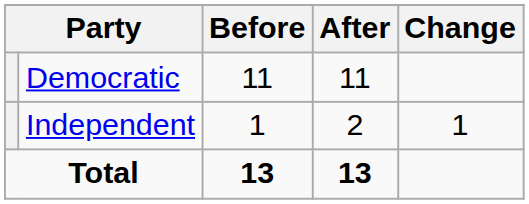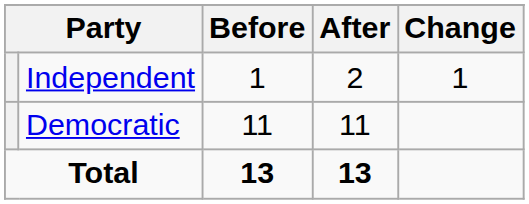 <table class="wikitable" style="text-align:center;">
 <tr>
 </tr>
 <tr>
 <th colspan=2>Party</th>
 <th>Before</th>
 <th>After</th>
 <th>Change</th>
 </tr>
 <tr>
 <th style="background-color:"></th>
+<td style="text-align:left;"><a href='#'>Independent</a></td>
+<td>1</td>
+<td>2</td>
+<td> 1</td>
+</tr>
+<tr>
+<th style="background-color:"></th>
 <td style="text-align:left;"><a href='#'>Democratic</a></td>
 <td>11</td>
 <td>11</td>
 <td></td>
-</tr>
-<tr>
-<th style="background-color:"></th>
-<td style="text-align:left;"><a href='#'>Independent</a></td>
-<td>1</td>
-<td>2</td>
-<td> 1</td>
 </tr>
 <tr>
 <td colspan=2><strong>Total</strong></td>
 <td><strong>13</strong></td>
 <td><strong>13</strong></td>
 <td></td>
 </tr>
 </table>
